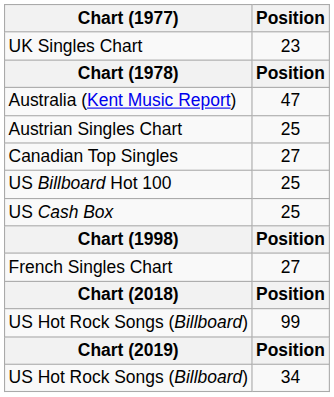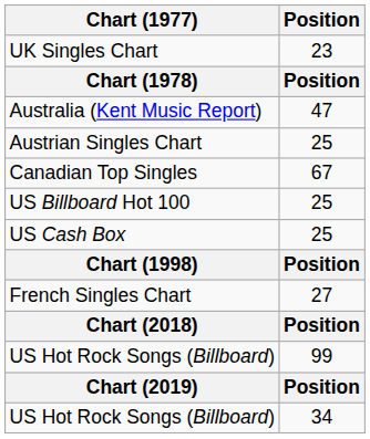 <table class="wikitable sortable">
 <tr>
 <th>Chart (1977)</th>
 <th>Position</th>
 </tr>
 <tr>
 <td>UK Singles Chart</td>
 <td style="text-align:center;">23</td>
 </tr>
 <tr>
 <th>Chart (1978)</th>
 <th>Position</th>
 </tr>
 <tr>
 <td>Australia (<a href='#'>Kent Music Report</a>)</td>
 <td style="text-align:center;">47</td>
 </tr>
 <tr>
 <td>Austrian Singles Chart</td>
 <td style="text-align:center;">25</td>
 </tr>
 <tr>
 <td>Canadian Top Singles</td>
-<td style="text-align:center;">27</td>
+<td style="text-align:center;">67</td>
 </tr>
 <tr>
 <td>US <em>Billboard</em> Hot 100</td>
 <td style="text-align:center;">25</td>
 </tr>
 <tr>
 <td>US <em>Cash Box</em> </td>
 <td style="text-align:center;">25</td>
 </tr>
 <tr>
 <th>Chart (1998)</th>
 <th>Position</th>
 </tr>
 <tr>
 <td>French Singles Chart</td>
 <td style="text-align:center;">27</td>
 </tr>
 <tr>
 <th>Chart (2018)</th>
 <th>Position</th>
 </tr>
 <tr>
 <td>US Hot Rock Songs (<em>Billboard</em>)</td>
 <td style="text-align:center;">99</td>
 </tr>
 <tr>
 <th>Chart (2019)</th>
 <th>Position</th>
 </tr>
 <tr>
 <td>US Hot Rock Songs (<em>Billboard</em>)</td>
 <td style="text-align:center;">34</td>
 </tr>
 </table>
